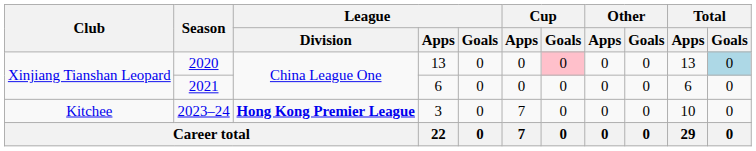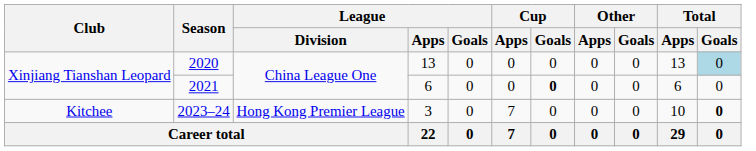 <table class="wikitable" style="text-align: center">
 <tr>
 <th rowspan="2">Club</th>
 <th rowspan="2">Season</th>
 <th colspan="3">League</th>
 <th colspan="2">Cup</th>
 <th colspan="2">Other</th>
 <th colspan="2">Total</th>
 </tr>
 <tr>
 <th>Division</th>
 <th>Apps</th>
 <th>Goals</th>
 <th>Apps</th>
 <th>Goals</th>
 <th>Apps</th>
 <th>Goals</th>
 <th>Apps</th>
 <th>Goals</th>
 </tr>
 <tr>
 <td rowspan="2"><a href='#'>Xinjiang Tianshan Leopard</a></td>
 <td><a href='#'>2020</a></td>
 <td rowspan="2"><a href='#'>China League One</a></td>
 <td>13</td>
 <td>0</td>
 <td>0</td>
-<td style="background: pink;">0</td>
+<td>0</td>
 <td>0</td>
 <td>0</td>
 <td>13</td>
 <td style="background: lightblue;">0</td>
 </tr>
 <tr>
 <td><a href='#'>2021</a></td>
 <td>6</td>
 <td>0</td>
 <td>0</td>
-<td>0</td>
+<td><strong>0</strong></td>
 <td>0</td>
 <td>0</td>
 <td>6</td>
 <td>0</td>
 </tr>
 <tr>
 <td><a href='#'>Kitchee</a></td>
 <td><a href='#'>2023–24</a></td>
-<td><strong><a href='#'>Hong Kong Premier League</a></strong></td>
+<td><a href='#'>Hong Kong Premier League</a></td>
 <td>3</td>
 <td>0</td>
 <td>7</td>
 <td>0</td>
 <td>0</td>
 <td>0</td>
 <td>10</td>
-<td>0</td>
+<td><strong>0</strong></td>
 </tr>
 <tr>
 <th colspan="3">Career total</th>
 <th>22</th>
 <th>0</th>
 <th>7</th>
 <th>0</th>
 <th>0</th>
 <th>0</th>
 <th>29</th>
 <th>0</th>
 </tr>
 </table>
